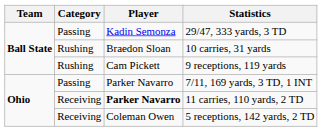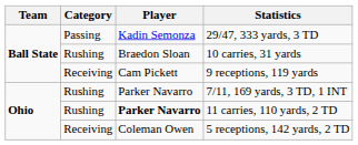 <table class="wikitable" style="float: right;">
 <tr>
 <th>Team</th>
 <th>Category</th>
 <th>Player</th>
 <th>Statistics</th>
 </tr>
 <tr>
 <td rowspan=3><strong>Ball State</strong></td>
 <td>Passing</td>
 <td><a href='#'>Kadin Semonza</a></td>
 <td>29/47, 333 yards, 3 TD</td>
 </tr>
 <tr>
 <td>Rushing</td>
 <td>Braedon Sloan</td>
 <td>10 carries, 31 yards</td>
 </tr>
 <tr>
-<td>Rushing</td>
+<td>Receiving</td>
 <td>Cam Pickett</td>
 <td>9 receptions, 119 yards</td>
 </tr>
 <tr>
 <td rowspan=3><strong>Ohio</strong></td>
-<td>Passing</td>
+<td>Rushing</td>
 <td>Parker Navarro</td>
 <td>7/11, 169 yards, 3 TD, 1 INT</td>
 </tr>
 <tr>
-<td>Receiving</td>
+<td>Rushing</td>
 <td><strong>Parker Navarro</strong></td>
 <td>11 carries, 110 yards, 2 TD</td>
 </tr>
 <tr>
 <td>Receiving</td>
 <td>Coleman Owen</td>
 <td>5 receptions, 142 yards, 2 TD</td>
 </tr>
 </table>
